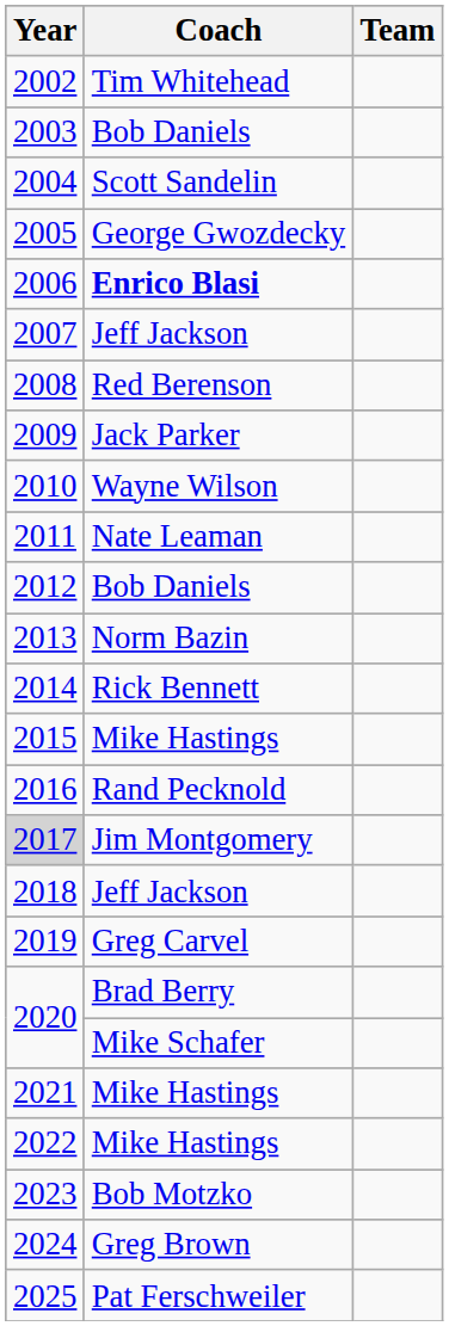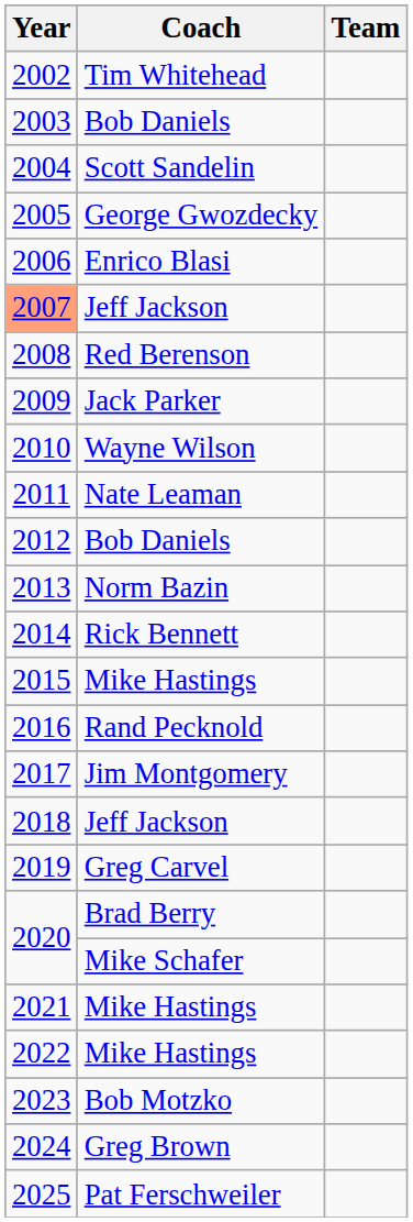 <table class="wikitable">
 <tr>
 <th>Year</th>
 <th>Coach</th>
 <th>Team</th>
 </tr>
 <tr>
 <td align="center"><a href='#'>2002</a></td>
 <td><a href='#'>Tim Whitehead</a></td>
 <td><strong><a href='#'></a></strong></td>
 </tr>
 <tr>
 <td align="center"><a href='#'>2003</a></td>
 <td><a href='#'>Bob Daniels</a></td>
 <td><strong><a href='#'></a></strong></td>
 </tr>
 <tr>
 <td align="center"><a href='#'>2004</a></td>
 <td><a href='#'>Scott Sandelin</a></td>
 <td><strong><a href='#'></a></strong></td>
 </tr>
 <tr>
 <td align="center"><a href='#'>2005</a></td>
 <td><a href='#'>George Gwozdecky</a></td>
 <td><strong><a href='#'></a></strong></td>
 </tr>
 <tr>
 <td align="center"><a href='#'>2006</a></td>
-<td><strong><a href='#'>Enrico Blasi</a></strong></td>
+<td><a href='#'>Enrico Blasi</a></td>
 <td><strong><a href='#'></a></strong></td>
 </tr>
 <tr>
-<td align="center"><a href='#'>2007</a></td>
+<td align="center" style="background: lightsalmon;"><a href='#'>2007</a></td>
 <td><a href='#'>Jeff Jackson</a></td>
 <td><strong><a href='#'></a></strong></td>
 </tr>
 <tr>
 <td align="center"><a href='#'>2008</a></td>
 <td><a href='#'>Red Berenson</a></td>
 <td><strong><a href='#'></a></strong></td>
 </tr>
 <tr>
 <td align="center"><a href='#'>2009</a></td>
 <td><a href='#'>Jack Parker</a></td>
 <td><strong><a href='#'></a></strong></td>
 </tr>
 <tr>
 <td align="center"><a href='#'>2010</a></td>
 <td><a href='#'>Wayne Wilson</a></td>
 <td><strong><a href='#'></a></strong></td>
 </tr>
 <tr>
 <td align="center"><a href='#'>2011</a></td>
 <td><a href='#'>Nate Leaman</a></td>
 <td><strong><a href='#'></a></strong></td>
 </tr>
 <tr>
 <td align="center"><a href='#'>2012</a></td>
 <td><a href='#'>Bob Daniels</a></td>
 <td><strong><a href='#'></a></strong></td>
 </tr>
 <tr>
 <td align="center"><a href='#'>2013</a></td>
 <td><a href='#'>Norm Bazin</a></td>
 <td><strong><a href='#'></a></strong></td>
 </tr>
 <tr>
 <td align="center"><a href='#'>2014</a></td>
 <td><a href='#'>Rick Bennett</a></td>
 <td><strong><a href='#'></a></strong></td>
 </tr>
 <tr>
 <td align="center"><a href='#'>2015</a></td>
 <td><a href='#'>Mike Hastings</a></td>
 <td><strong><a href='#'></a></strong></td>
 </tr>
 <tr>
 <td align="center"><a href='#'>2016</a></td>
 <td><a href='#'>Rand Pecknold</a></td>
 <td><strong><a href='#'></a></strong></td>
 </tr>
 <tr>
-<td align="center" style="background: lightgrey;"><a href='#'>2017</a></td>
+<td align="center"><a href='#'>2017</a></td>
 <td><a href='#'>Jim Montgomery</a></td>
 <td><strong><a href='#'></a></strong></td>
 </tr>
 <tr>
 <td align="center"><a href='#'>2018</a></td>
 <td><a href='#'>Jeff Jackson</a></td>
 <td><strong><a href='#'></a></strong></td>
 </tr>
 <tr>
 <td align="center"><a href='#'>2019</a></td>
 <td><a href='#'>Greg Carvel</a></td>
 <td><strong><a href='#'></a></strong></td>
 </tr>
 <tr>
 <td rowspan=2 align="center"><a href='#'>2020</a></td>
 <td><a href='#'>Brad Berry</a></td>
 <td><strong><a href='#'></a></strong></td>
 </tr>
 <tr>
 <td><a href='#'>Mike Schafer</a></td>
 <td><strong><a href='#'></a></strong></td>
 </tr>
 <tr>
 <td align="center"><a href='#'>2021</a></td>
 <td><a href='#'>Mike Hastings</a></td>
 <td><strong><a href='#'></a></strong></td>
 </tr>
 <tr>
 <td align="center"><a href='#'>2022</a></td>
 <td><a href='#'>Mike Hastings</a></td>
 <td><strong><a href='#'></a></strong></td>
 </tr>
 <tr>
 <td align="center"><a href='#'>2023</a></td>
 <td><a href='#'>Bob Motzko</a></td>
 <td><strong><a href='#'></a></strong></td>
 </tr>
 <tr>
 <td align="center"><a href='#'>2024</a></td>
 <td><a href='#'>Greg Brown</a></td>
 <td><strong><a href='#'></a></strong></td>
 </tr>
 <tr>
 <td align="center"><a href='#'>2025</a></td>
 <td><a href='#'>Pat Ferschweiler</a></td>
 <td><strong><a href='#'></a></strong></td>
 </tr>
 </table>
